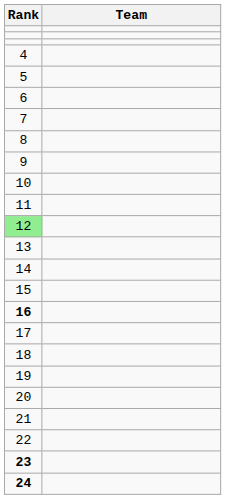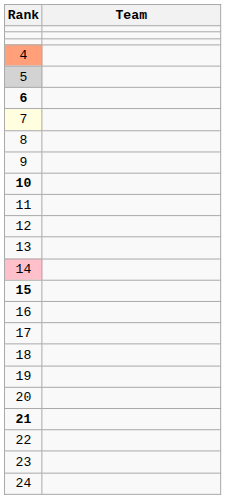 <table class="wikitable">
 <tr>
 <th>Rank</th>
 <th width=170>Team</th>
 </tr>
 <tr>
 <td align=center></td>
 <td></td>
 </tr>
 <tr>
 <td align=center></td>
 <td></td>
 </tr>
 <tr>
 <td align=center></td>
 <td></td>
 </tr>
 <tr>
-<td align=center>4</td>
+<td align=center style="background: lightsalmon;">4</td>
 <td></td>
 </tr>
 <tr>
-<td align=center>5</td>
+<td align=center style="background: lightgrey;">5</td>
 <td></td>
 </tr>
 <tr>
-<td align=center>6</td>
+<td align=center><strong>6</strong></td>
 <td></td>
 </tr>
 <tr>
-<td align=center>7</td>
+<td align=center style="background: lightyellow;">7</td>
 <td></td>
 </tr>
 <tr>
 <td align=center>8</td>
 <td></td>
 </tr>
 <tr>
 <td align=center>9</td>
 <td></td>
 </tr>
 <tr>
-<td align=center>10</td>
+<td align=center><strong>10</strong></td>
 <td></td>
 </tr>
 <tr>
 <td align=center>11</td>
 <td></td>
 </tr>
 <tr>
-<td align=center style="background: lightgreen;">12</td>
+<td align=center>12</td>
 <td></td>
 </tr>
 <tr>
 <td align=center>13</td>
 <td></td>
 </tr>
 <tr>
-<td align=center>14</td>
+<td align=center style="background: pink;">14</td>
 <td></td>
 </tr>
 <tr>
-<td align=center>15</td>
+<td align=center><strong>15</strong></td>
 <td></td>
 </tr>
 <tr>
-<td align=center><strong>16</strong></td>
+<td align=center>16</td>
 <td></td>
 </tr>
 <tr>
 <td align=center>17</td>
 <td></td>
 </tr>
 <tr>
 <td align=center>18</td>
 <td></td>
 </tr>
 <tr>
 <td align=center>19</td>
 <td></td>
 </tr>
 <tr>
 <td align=center>20</td>
 <td></td>
 </tr>
 <tr>
-<td align=center>21</td>
+<td align=center><strong>21</strong></td>
 <td></td>
 </tr>
 <tr>
 <td align=center>22</td>
 <td></td>
 </tr>
 <tr>
-<td align=center><strong>23</strong></td>
+<td align=center>23</td>
 <td></td>
 </tr>
 <tr>
-<td align=center><strong>24</strong></td>
+<td align=center>24</td>
 <td></td>
 </tr>
 </table>
